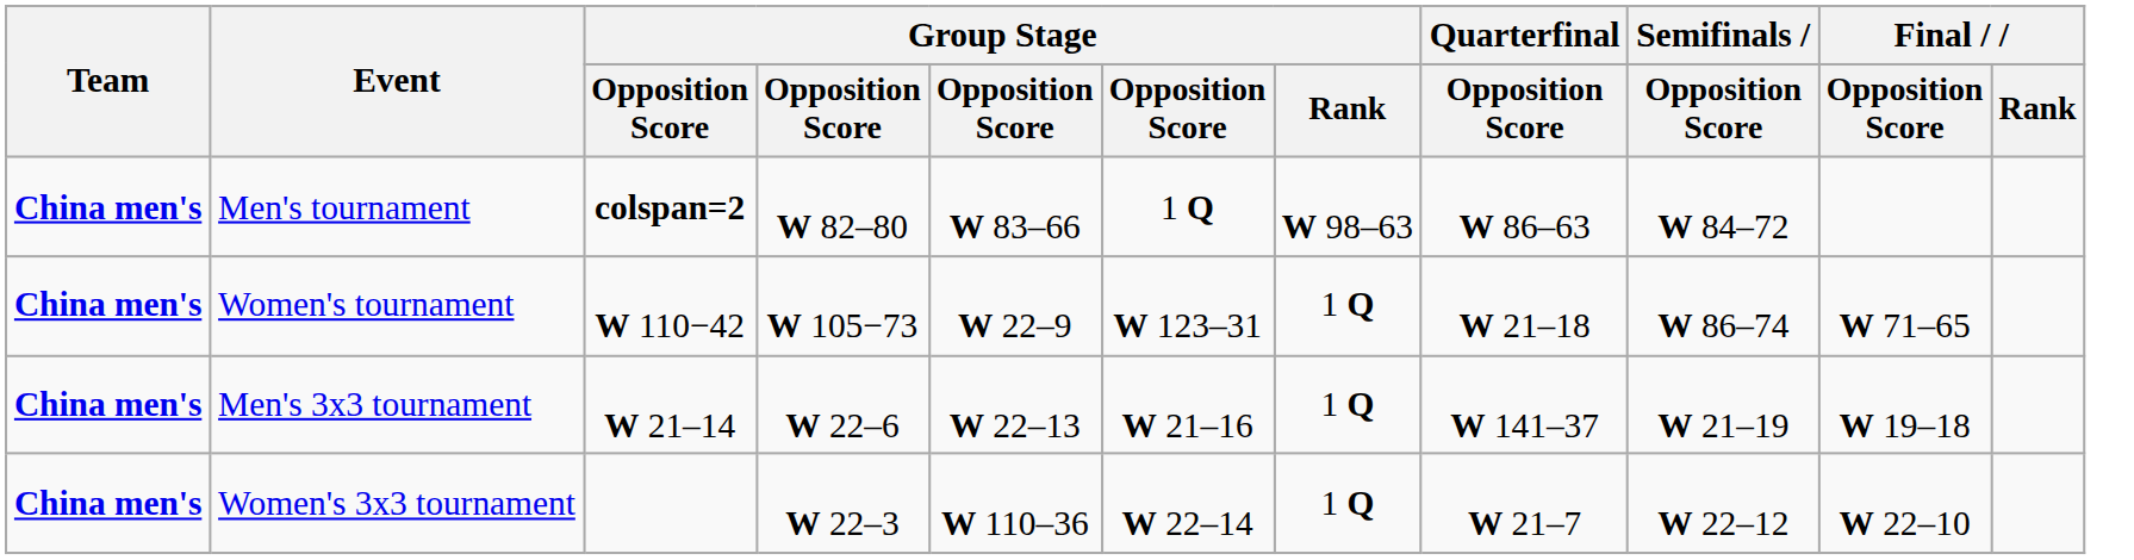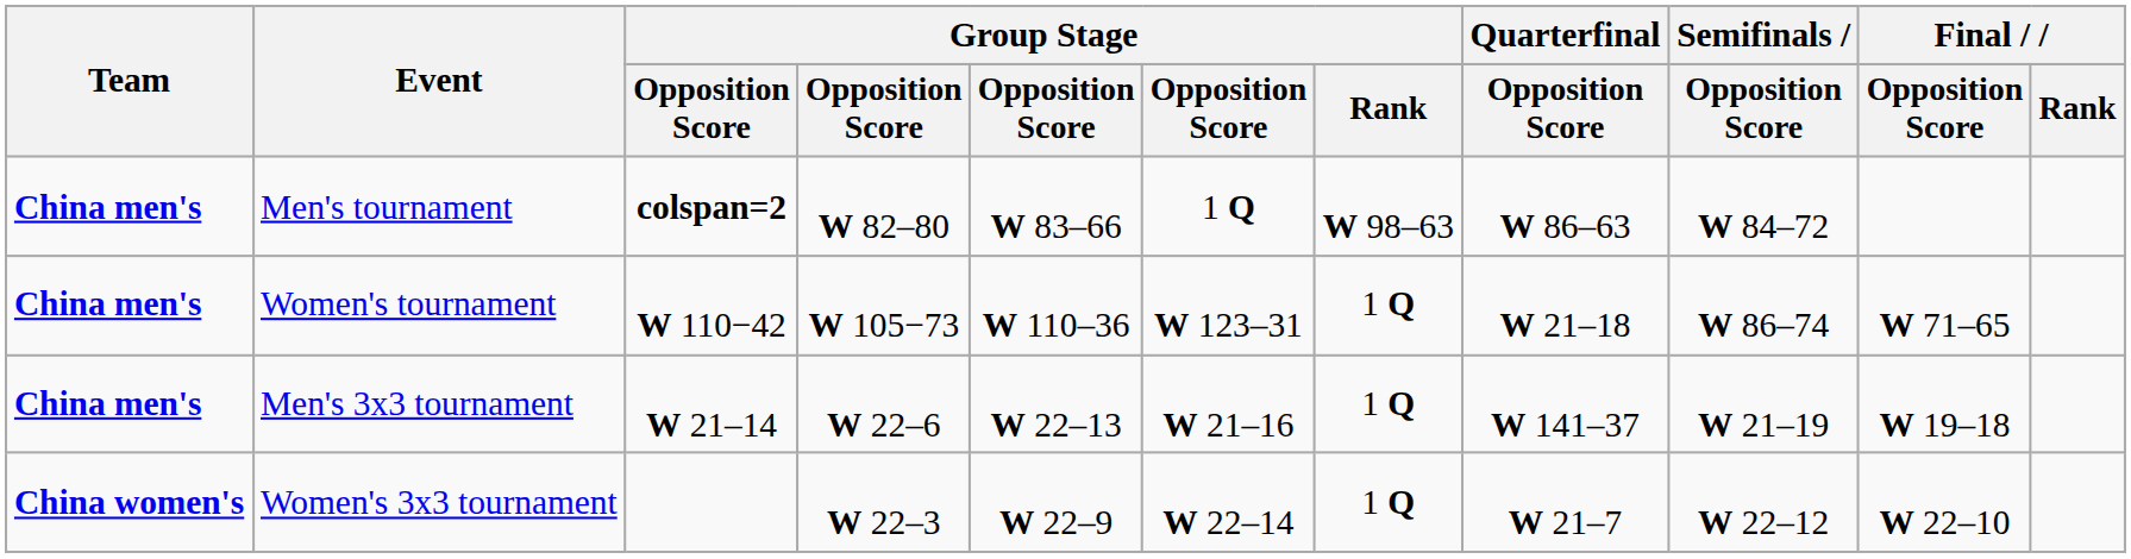 <table class=wikitable style=font-size:90%;text-align:center>
 <tr>
 <th rowspan=2>Team</th>
 <th rowspan=2>Event</th>
 <th colspan=5>Group Stage</th>
 <th>Quarterfinal</th>
 <th>Semifinals / </th>
 <th colspan=2>Final /  / </th>
 </tr>
 <tr style="font-size:95%">
 <th>Opposition<br>Score</th>
 <th>Opposition<br>Score</th>
 <th>Opposition<br>Score</th>
 <th>Opposition<br>Score</th>
 <th>Rank</th>
 <th>Opposition<br>Score</th>
 <th>Opposition<br>Score</th>
 <th>Opposition<br>Score</th>
 <th>Rank</th>
 </tr>
 <tr align=center>
 <td align=left><strong><a href='#'>China men's</a></strong></td>
 <td align=left><a href='#'>Men's tournament</a></td>
 <td><strong>colspan=2 </strong></td>
 <td><br><strong>W</strong> 82–80</td>
 <td><br><strong>W</strong> 83–66</td>
 <td>1 <strong>Q</strong></td>
 <td><br><strong>W</strong> 98–63</td>
 <td><br><strong>W</strong> 86–63</td>
 <td><br><strong>W</strong> 84–72</td>
 <td></td>
 </tr>
 <tr align=center>
 <td align=left><strong><a href='#'>China men's</a></strong></td>
 <td align=left><a href='#'>Women's tournament</a></td>
 <td><br><strong>W</strong> 110−42</td>
 <td><br><strong>W</strong> 105−73</td>
-<td><br><strong>W</strong> 22–9</td>
+<td><br><strong>W</strong> 110–36</td>
 <td><br><strong>W</strong> 123–31</td>
 <td>1 <strong>Q</strong></td>
 <td><br><strong>W</strong> 21–18</td>
 <td><br><strong>W</strong> 86–74</td>
 <td><br><strong>W</strong> 71–65</td>
 <td></td>
 </tr>
 <tr align=center>
 <td align=left><strong><a href='#'>China men's</a></strong></td>
 <td align=left><a href='#'>Men's 3x3 tournament</a></td>
 <td><br><strong>W</strong> 21–14</td>
 <td><br><strong>W</strong> 22–6</td>
 <td><br><strong>W</strong> 22–13</td>
 <td><br><strong>W</strong> 21–16</td>
 <td>1 <strong>Q</strong></td>
 <td><br><strong>W</strong> 141–37</td>
 <td><br><strong>W</strong> 21–19</td>
 <td><br><strong>W</strong> 19–18</td>
 <td></td>
 </tr>
 <tr align=center>
-<td align=left><strong><a href='#'>China men's</a></strong></td>
+<td align=left><strong><a href='#'>China women's</a></strong></td>
 <td align=left><a href='#'>Women's 3x3 tournament</a></td>
 <td></td>
 <td><br><strong>W</strong> 22–3</td>
-<td><br><strong>W</strong> 110–36</td>
+<td><br><strong>W</strong> 22–9</td>
 <td><br><strong>W</strong> 22–14</td>
 <td>1 <strong>Q</strong></td>
 <td><br><strong>W</strong> 21–7</td>
 <td><br><strong>W</strong> 22–12</td>
 <td><br><strong>W</strong> 22–10</td>
 <td></td>
 </tr>
 </table>
